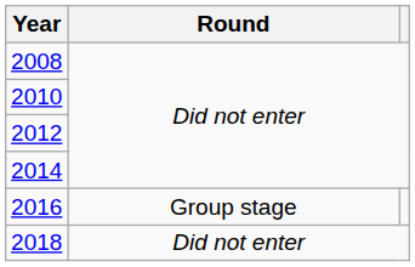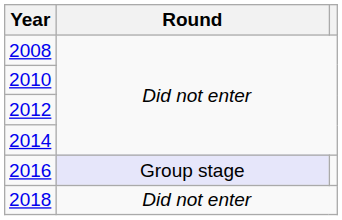 <table class="wikitable" style="text-align: center; font-size:90%">
 <tr>
 <th>Year</th>
 <th style="width:200px">Round</th>
 <th></th>
 </tr>
 <tr>
 <td><a href='#'>2008</a></td>
 <td colspan="2" rowspan="4"><em>Did not enter</em></td>
 </tr>
 <tr>
 <td><a href='#'>2010</a></td>
 </tr>
 <tr>
 <td><a href='#'>2012</a></td>
 </tr>
 <tr>
 <td><a href='#'>2014</a></td>
 </tr>
 <tr>
 <td><a href='#'>2016</a></td>
-<td>Group stage</td>
+<td style="background: lavender;">Group stage</td>
 <td></td>
 </tr>
 <tr>
 <td><a href='#'>2018</a></td>
 <td colspan="2"><em>Did not enter</em></td>
 </tr>
 </table>
